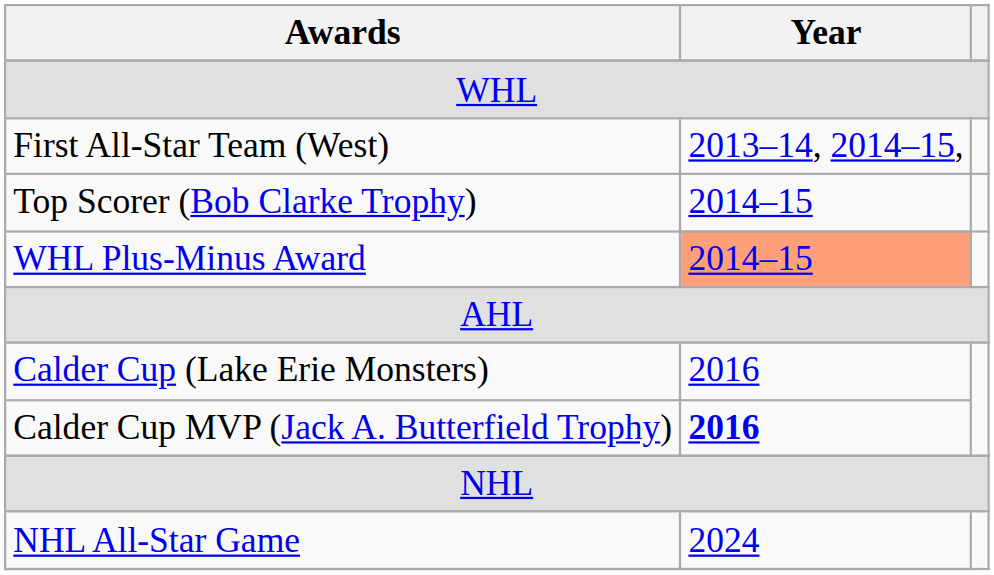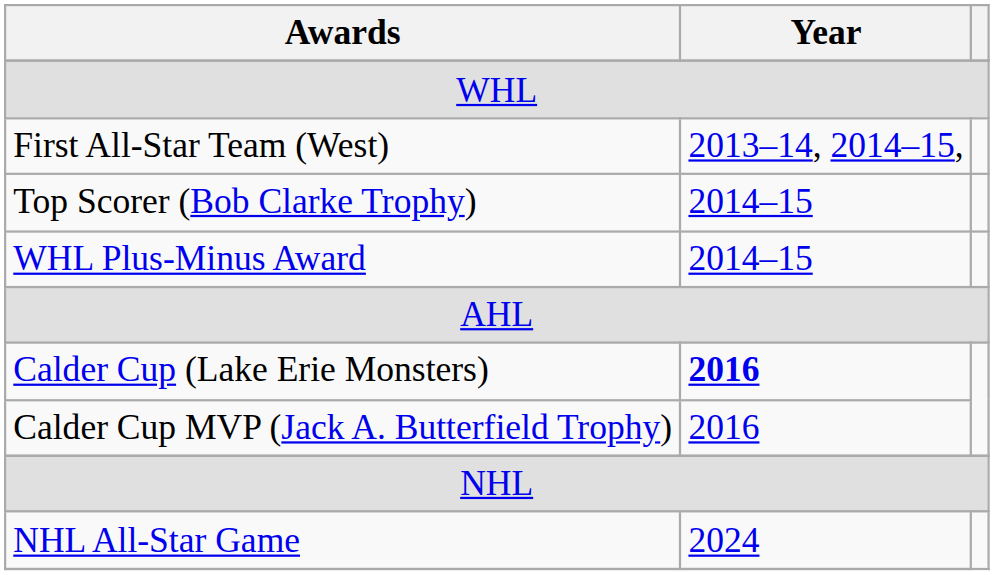 <table class="wikitable">
 <tr>
 <th>Awards</th>
 <th>Year</th>
 <th></th>
 </tr>
 <tr>
 </tr>
 <tr ALIGN="center" bgcolor="#e0e0e0">
 <td colspan="3"><a href='#'>WHL</a></td>
 </tr>
 <tr>
 <td>First All-Star Team (West)</td>
 <td><a href='#'>2013–14</a>, <a href='#'>2014–15</a>,</td>
 <td></td>
 </tr>
 <tr>
 <td>Top Scorer (<a href='#'>Bob Clarke Trophy</a>)</td>
 <td><a href='#'>2014–15</a></td>
 <td></td>
 </tr>
 <tr>
 <td><a href='#'>WHL Plus-Minus Award</a></td>
-<td style="background: lightsalmon;"><a href='#'>2014–15</a></td>
+<td><a href='#'>2014–15</a></td>
 <td></td>
 </tr>
 <tr ALIGN="center" bgcolor="#e0e0e0">
 <td colspan="3"><a href='#'>AHL</a></td>
 </tr>
 <tr>
 <td><a href='#'>Calder Cup</a> (Lake Erie Monsters)</td>
-<td><a href='#'>2016</a></td>
+<td><strong><a href='#'>2016</a></strong></td>
 <td rowspan="2"></td>
 </tr>
 <tr>
 <td>Calder Cup MVP (<a href='#'>Jack A. Butterfield Trophy</a>)</td>
-<td><strong><a href='#'>2016</a></strong></td>
+<td><a href='#'>2016</a></td>
 </tr>
 <tr>
 </tr>
 <tr ALIGN="center" bgcolor="#e0e0e0">
 <td colspan="3"><a href='#'>NHL</a></td>
 </tr>
 <tr>
 <td><a href='#'>NHL All-Star Game</a></td>
 <td><a href='#'>2024</a></td>
 <td rowspan="2"></td>
 </tr>
 <tr>
 </tr>
 </table>
